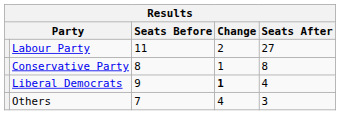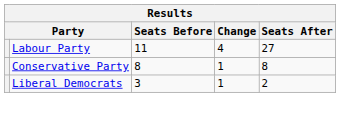 <table class="wikitable">
 <tr>
 <th colspan="5">Results</th>
 </tr>
 <tr>
 <th colspan="2">Party</th>
 <th>Seats Before</th>
 <th>Change</th>
 <th>Seats After</th>
 </tr>
 <tr>
 <th class="unsortable" style="background-color: "></th>
 <td><a href='#'>Labour Party</a></td>
 <td>11</td>
-<td>2</td>
+<td>4</td>
 <td>27</td>
 </tr>
 <tr>
 <th class="unsortable" style="background-color: "></th>
 <td><a href='#'>Conservative Party</a></td>
 <td>8</td>
 <td>1</td>
 <td>8</td>
 </tr>
 <tr>
 <th class="unsortable" style="background-color: "></th>
 <td><a href='#'>Liberal Democrats</a></td>
-<td>9</td>
-<td><strong>1</strong></td>
-<td>4</td>
-</tr>
-<tr>
-<th></th>
-<td>Others</td>
-<td>7</td>
-<td>4</td>
 <td>3</td>
+<td>1</td>
+<td>2</td>
 </tr>
 </table>
